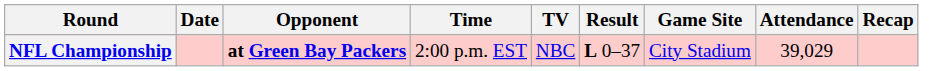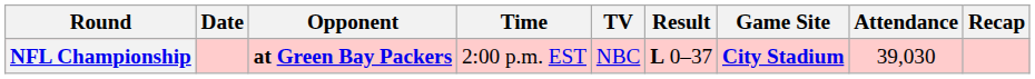 <table class="wikitable" style="text-align:center">
 <tr>
 <th>Round</th>
 <th>Date</th>
 <th>Opponent</th>
 <th>Time</th>
 <th>TV</th>
 <th>Result</th>
 <th>Game Site</th>
 <th>Attendance</th>
 <th>Recap</th>
 </tr>
 <tr style="background:#fcc">
 <th><a href='#'>NFL Championship</a></th>
 <td></td>
 <td><strong>at <a href='#'>Green Bay Packers</a></strong></td>
 <td>2:00 p.m. <a href='#'>EST</a></td>
 <td><a href='#'>NBC</a></td>
 <td><strong>L</strong> 0–37</td>
-<td><a href='#'>City Stadium</a></td>
-<td>39,029</td>
+<td><strong><a href='#'>City Stadium</a></strong></td>
+<td>39,030</td>
 <td></td>
 </tr>
 </table>
